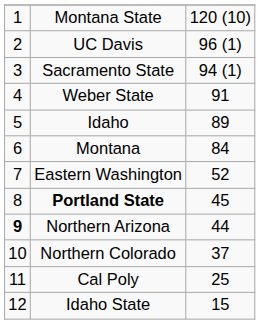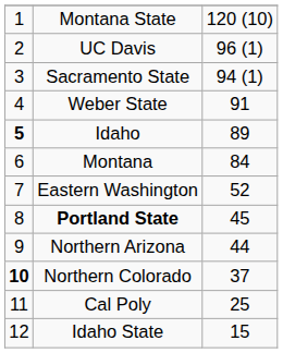 <table class="wikitable" style="display: inline-table;">
 <tr align="center">
 </tr>
 <tr align="center">
 <td>1</td>
 <td>Montana State</td>
 <td>120 (10)</td>
 </tr>
 <tr align="center">
 <td>2</td>
 <td>UC Davis</td>
 <td>96 (1)</td>
 </tr>
 <tr align="center">
 <td>3</td>
 <td>Sacramento State</td>
 <td>94 (1)</td>
 </tr>
 <tr align="center">
 <td>4</td>
 <td>Weber State</td>
 <td>91</td>
 </tr>
 <tr align="center">
-<td>5</td>
+<td><strong>5</strong></td>
 <td>Idaho</td>
 <td>89</td>
 </tr>
 <tr align="center">
 <td>6</td>
 <td>Montana</td>
 <td>84</td>
 </tr>
 <tr align="center">
 <td>7</td>
 <td>Eastern Washington</td>
 <td>52</td>
 </tr>
 <tr align="center">
 <td>8</td>
 <td><strong>Portland State</strong></td>
 <td>45</td>
 </tr>
 <tr align="center">
-<td><strong>9</strong></td>
+<td>9</td>
 <td>Northern Arizona</td>
 <td>44</td>
 </tr>
 <tr align="center">
-<td>10</td>
+<td><strong>10</strong></td>
 <td>Northern Colorado</td>
 <td>37</td>
 </tr>
 <tr align="center">
 <td>11</td>
 <td>Cal Poly</td>
 <td>25</td>
 </tr>
 <tr align="center">
 <td>12</td>
 <td>Idaho State</td>
 <td>15</td>
 </tr>
 </table>
